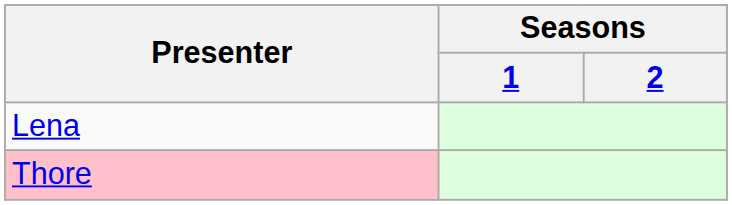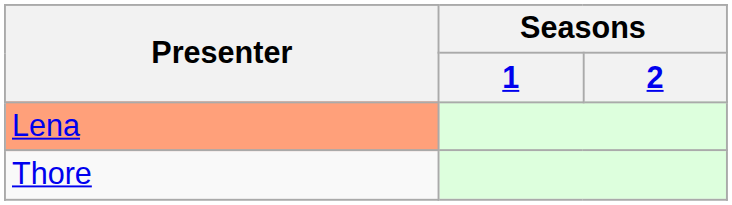 <table class="wikitable" width="30%">
 <tr>
 <th rowspan="2" width="135">Presenter</th>
 <th colspan="2">Seasons</th>
 </tr>
 <tr>
 <th width="40"><a href='#'>1</a></th>
 <th width="40"><a href='#'>2</a></th>
 </tr>
 <tr>
-<td><a href='#'>Lena</a></td>
+<td style="background: lightsalmon;"><a href='#'>Lena</a></td>
 <td colspan="2" style="background:#ddffdd"></td>
 </tr>
 <tr>
-<td style="background: pink;"><a href='#'>Thore</a></td>
+<td><a href='#'>Thore</a></td>
 <td colspan="2" style="background:#ddffdd"></td>
 </tr>
 </table>
